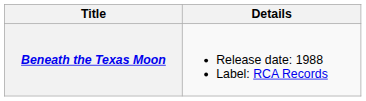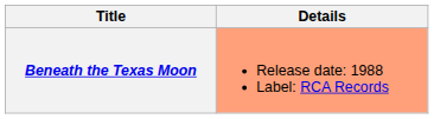 <table class="wikitable plainrowheaders">
 <tr>
 <th style="width:14em;">Title</th>
 <th style="width:14em;">Details</th>
 </tr>
 <tr>
 <th scope="row"><em><a href='#'>Beneath the Texas Moon</a></em></th>
-<td><br><ul><li>Release date: 1988</li><li>Label: <a href='#'>RCA Records</a></li></ul></td>
+<td style="background: lightsalmon;"><br><ul><li>Release date: 1988</li><li>Label: <a href='#'>RCA Records</a></li></ul></td>
 </tr>
 </table>
